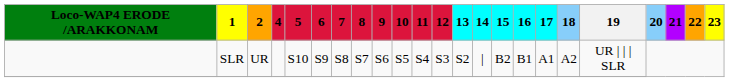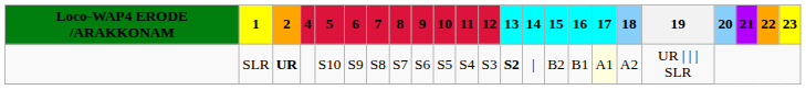 <table class="wikitable plainrowheaders unsortable" style="text-align:center">
 <tr>
 <th rowspan="1" scope="col" style="background:#007F0E;">Loco-WAP4 ERODE /ARAKKONAM</th>
 <th rowspan="1" scope="col" style="background:yellow;">1</th>
 <th rowspan="1" scope="col" style="background:orange;">2</th>
 <th rowspan="1" scope="col" style="background:crimson;">4</th>
 <th rowspan="1" scope="col" style="background:crimson;">5</th>
 <th rowspan="1" scope="col" style="background:crimson;">6</th>
 <th rowspan="1" scope="col" style="background:crimson;">7</th>
 <th rowspan="1" scope="col" style="background:crimson;">8</th>
 <th rowspan="1" scope="col" style="background:crimson;">9</th>
 <th rowspan="1" scope="col" style="background:crimson;">10</th>
 <th rowspan="1" scope="col" style="background:crimson;">11</th>
 <th rowspan="1" scope="col" style="background:crimson;">12</th>
 <th rowspan="1" scope="col" style="background:#00FFFF;">13</th>
 <th rowspan="1" scope="col" style="background:#00FFFF;">14</th>
 <th rowspan="1" scope="col" style="background:#00FFFF;">15</th>
 <th rowspan="1" scope="col" style="background:#00FFFF;">16</th>
 <th rowspan="1" scope="col" style="background:#00FFFF;">17</th>
 <th rowspan="1" scope="col" style="background:lightskyblue;">18</th>
 <th>19</th>
 <th rowspan="1" scope="col" style="background:lightskyblue;">20</th>
 <th rowspan="1" scope="col" style="background:#B200FF;">21</th>
 <th rowspan="1" scope="col" style="background:orange;">22</th>
 <th rowspan="1" scope="col" style="background:yellow;">23</th>
 </tr>
 <tr>
 <td></td>
 <td>SLR</td>
-<td>UR</td>
+<td><strong>UR</strong></td>
 <td></td>
 <td>S10</td>
 <td>S9</td>
 <td>S8</td>
 <td>S7</td>
 <td>S6</td>
 <td>S5</td>
 <td>S4</td>
 <td>S3</td>
-<td>S2</td>
+<td><strong>S2</strong></td>
 <td S1>|</td>
 <td>B2</td>
 <td>B1</td>
-<td>A1</td>
+<td style="background: lightyellow;">A1</td>
 <td>A2</td>
 <td H1>UR |  | | SLR</td>
 </tr>
 <tr>
 </tr>
 </table>
